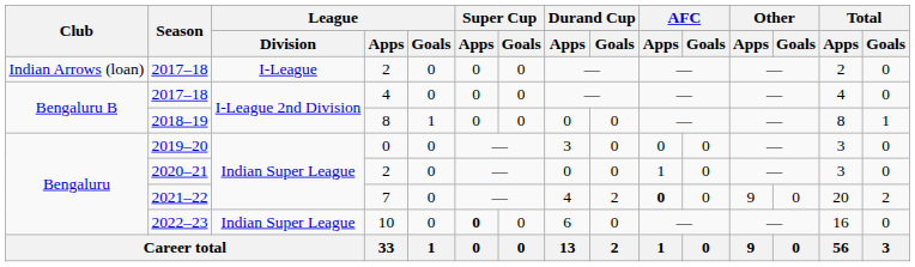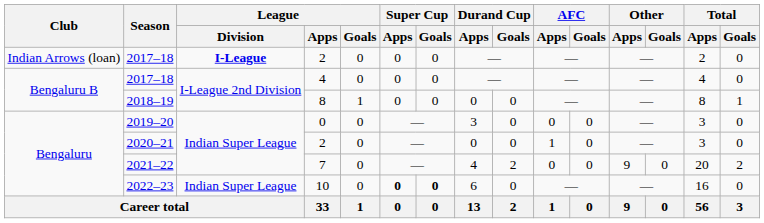 <table class="wikitable" style="text-align: center;">
 <tr>
 <th rowspan="2">Club</th>
 <th rowspan="2">Season</th>
 <th colspan="3">League</th>
 <th colspan="2">Super Cup</th>
 <th colspan="2">Durand Cup</th>
 <th colspan="2"><a href='#'>AFC</a></th>
 <th colspan="2">Other</th>
 <th colspan="2">Total</th>
 </tr>
 <tr>
 <th>Division</th>
 <th>Apps</th>
 <th>Goals</th>
 <th>Apps</th>
 <th>Goals</th>
 <th>Apps</th>
 <th>Goals</th>
 <th>Apps</th>
 <th>Goals</th>
 <th>Apps</th>
 <th>Goals</th>
 <th>Apps</th>
 <th>Goals</th>
 </tr>
 <tr>
 <td rowspan="1"><a href='#'>Indian Arrows</a> (loan)</td>
 <td><a href='#'>2017–18</a></td>
-<td rowspan="1"><a href='#'>I-League</a></td>
+<td rowspan="1"><strong><a href='#'>I-League</a></strong></td>
 <td>2</td>
 <td>0</td>
 <td>0</td>
 <td>0</td>
 <td colspan="2">—</td>
 <td colspan="2">—</td>
 <td colspan="2">—</td>
 <td>2</td>
 <td>0</td>
 </tr>
 <tr>
 <td rowspan="2"><a href='#'>Bengaluru B</a></td>
 <td><a href='#'>2017–18</a></td>
 <td rowspan="2"><a href='#'>I-League 2nd Division</a></td>
 <td>4</td>
 <td>0</td>
 <td>0</td>
 <td>0</td>
 <td colspan="2">—</td>
 <td colspan="2">—</td>
 <td colspan="2">—</td>
 <td>4</td>
 <td>0</td>
 </tr>
 <tr>
 <td><a href='#'>2018–19</a></td>
 <td>8</td>
 <td>1</td>
 <td>0</td>
 <td>0</td>
 <td>0</td>
 <td>0</td>
 <td colspan="2">—</td>
 <td colspan="2">—</td>
 <td>8</td>
 <td>1</td>
 </tr>
 <tr>
 <td rowspan="4"><a href='#'>Bengaluru</a></td>
 <td><a href='#'>2019–20</a></td>
 <td rowspan="3"><a href='#'>Indian Super League</a></td>
 <td>0</td>
 <td>0</td>
 <td colspan="2">—</td>
 <td>3</td>
 <td>0</td>
 <td>0</td>
 <td>0</td>
 <td colspan="2">—</td>
 <td>3</td>
 <td>0</td>
 </tr>
 <tr>
 <td><a href='#'>2020–21</a></td>
 <td>2</td>
 <td>0</td>
 <td colspan="2">—</td>
 <td>0</td>
 <td>0</td>
 <td>1</td>
 <td>0</td>
 <td colspan="2">—</td>
 <td>3</td>
 <td>0</td>
 </tr>
 <tr>
 <td><a href='#'>2021–22</a></td>
 <td>7</td>
 <td>0</td>
 <td colspan="2">—</td>
 <td>4</td>
 <td>2</td>
-<td><strong>0</strong></td>
+<td>0</td>
 <td>0</td>
 <td>9</td>
 <td>0</td>
 <td>20</td>
 <td>2</td>
 </tr>
 <tr>
 <td><a href='#'>2022–23</a></td>
 <td><a href='#'>Indian Super League</a></td>
 <td>10</td>
 <td>0</td>
 <td><strong>0</strong></td>
-<td>0</td>
+<td><strong>0</strong></td>
 <td>6</td>
 <td>0</td>
 <td colspan="2">—</td>
 <td colspan="2">—</td>
 <td>16</td>
 <td>0</td>
 </tr>
 <tr>
 <th colspan="3">Career total</th>
 <th>33</th>
 <th>1</th>
 <th>0</th>
 <th>0</th>
 <th>13</th>
 <th>2</th>
 <th>1</th>
 <th>0</th>
 <th>9</th>
 <th>0</th>
 <th>56</th>
 <th>3</th>
 </tr>
 </table>
